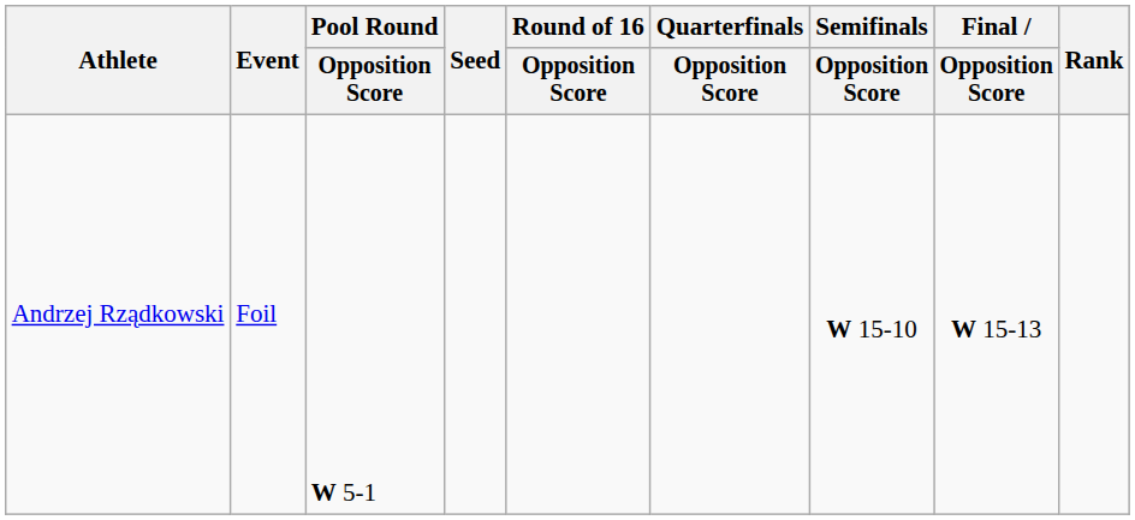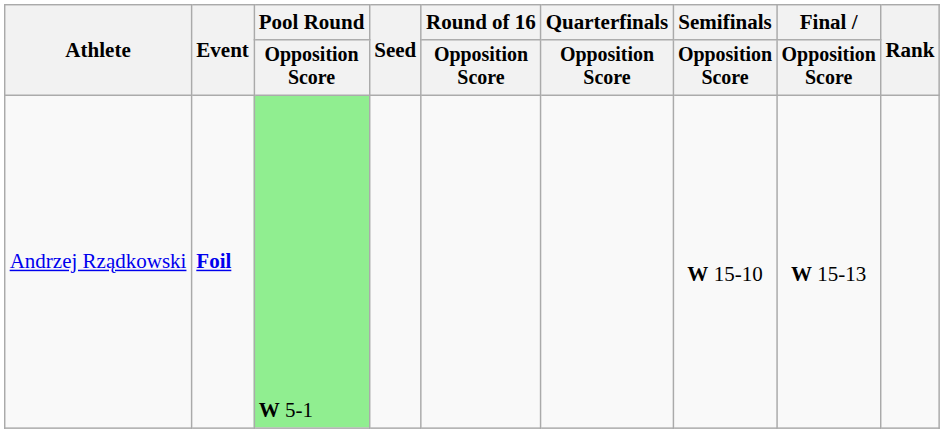 <table class=wikitable style="font-size:90%">
 <tr>
 <th rowspan="2">Athlete</th>
 <th rowspan="2">Event</th>
 <th>Pool Round</th>
 <th rowspan="2">Seed</th>
 <th>Round of 16</th>
 <th>Quarterfinals</th>
 <th>Semifinals</th>
 <th>Final / </th>
 <th rowspan=2>Rank</th>
 </tr>
 <tr style="font-size:95%">
 <th>Opposition<br>Score</th>
 <th>Opposition<br>Score</th>
 <th>Opposition<br>Score</th>
 <th>Opposition<br>Score</th>
 <th>Opposition<br>Score</th>
 </tr>
 <tr align=center>
 <td align=left><a href='#'>Andrzej Rządkowski</a></td>
-<td align=left><a href='#'>Foil</a></td>
-<td align=left><br><br> <br><br> <br><br> <br><br> <br><br> <br><br><strong>W</strong> 5-1</td>
+<td align=left><strong><a href='#'>Foil</a></strong></td>
+<td align=left style="background: lightgreen;"><br><br> <br><br> <br><br> <br><br> <br><br> <br><br><strong>W</strong> 5-1</td>
 <td></td>
 <td></td>
 <td></td>
 <td><br><strong>W</strong> 15-10</td>
 <td><br><strong>W</strong> 15-13</td>
 <td></td>
 </tr>
 </table>
